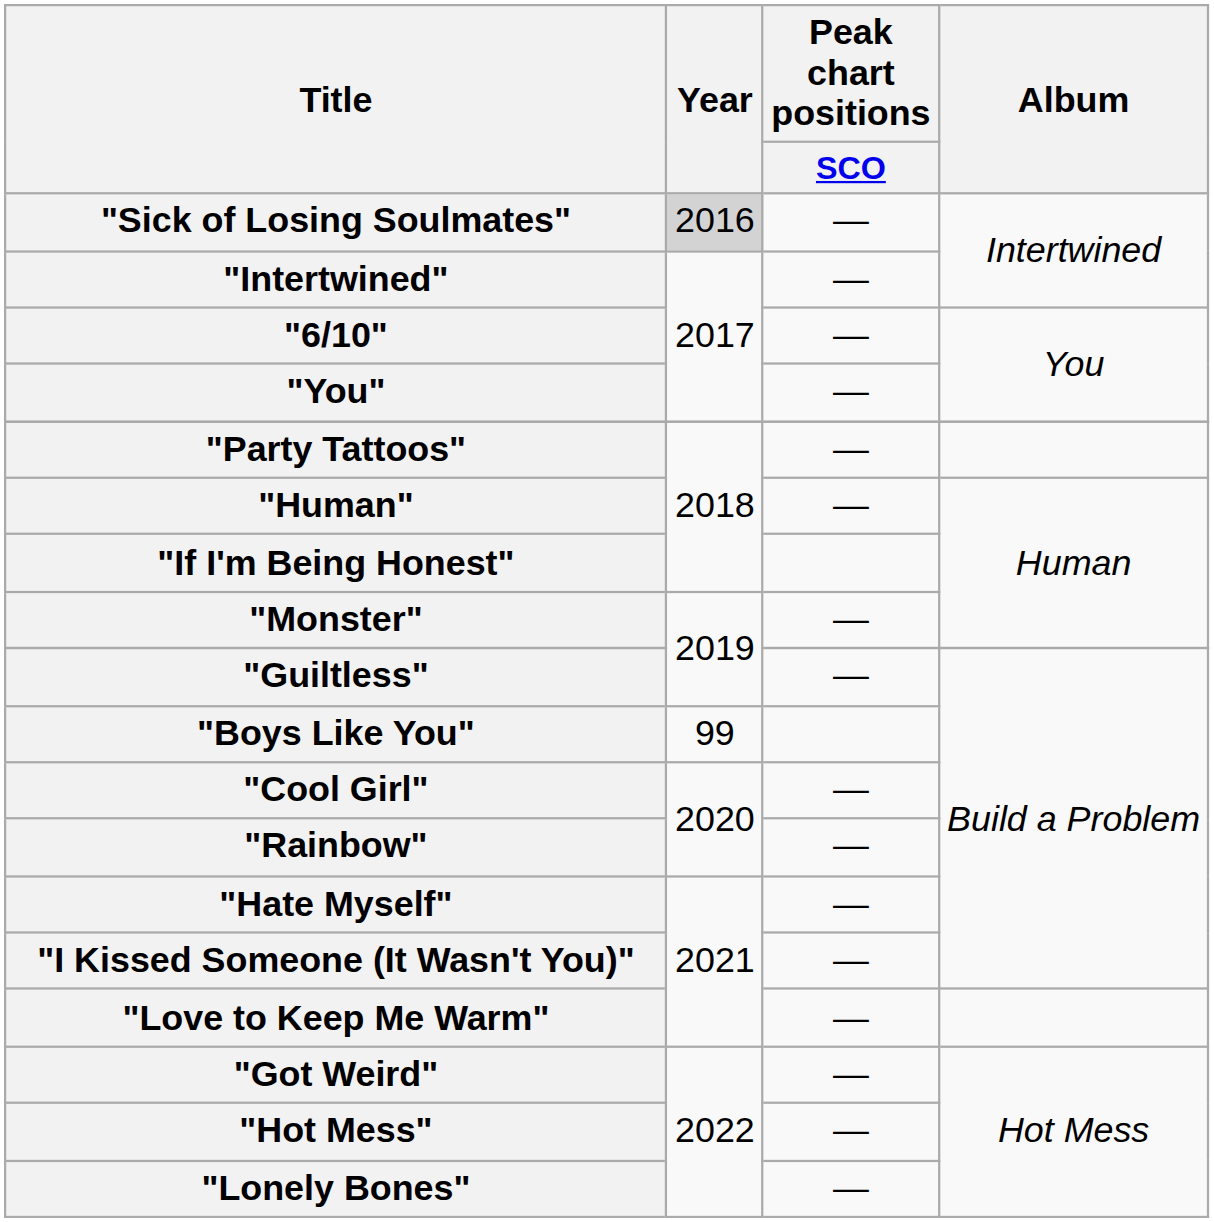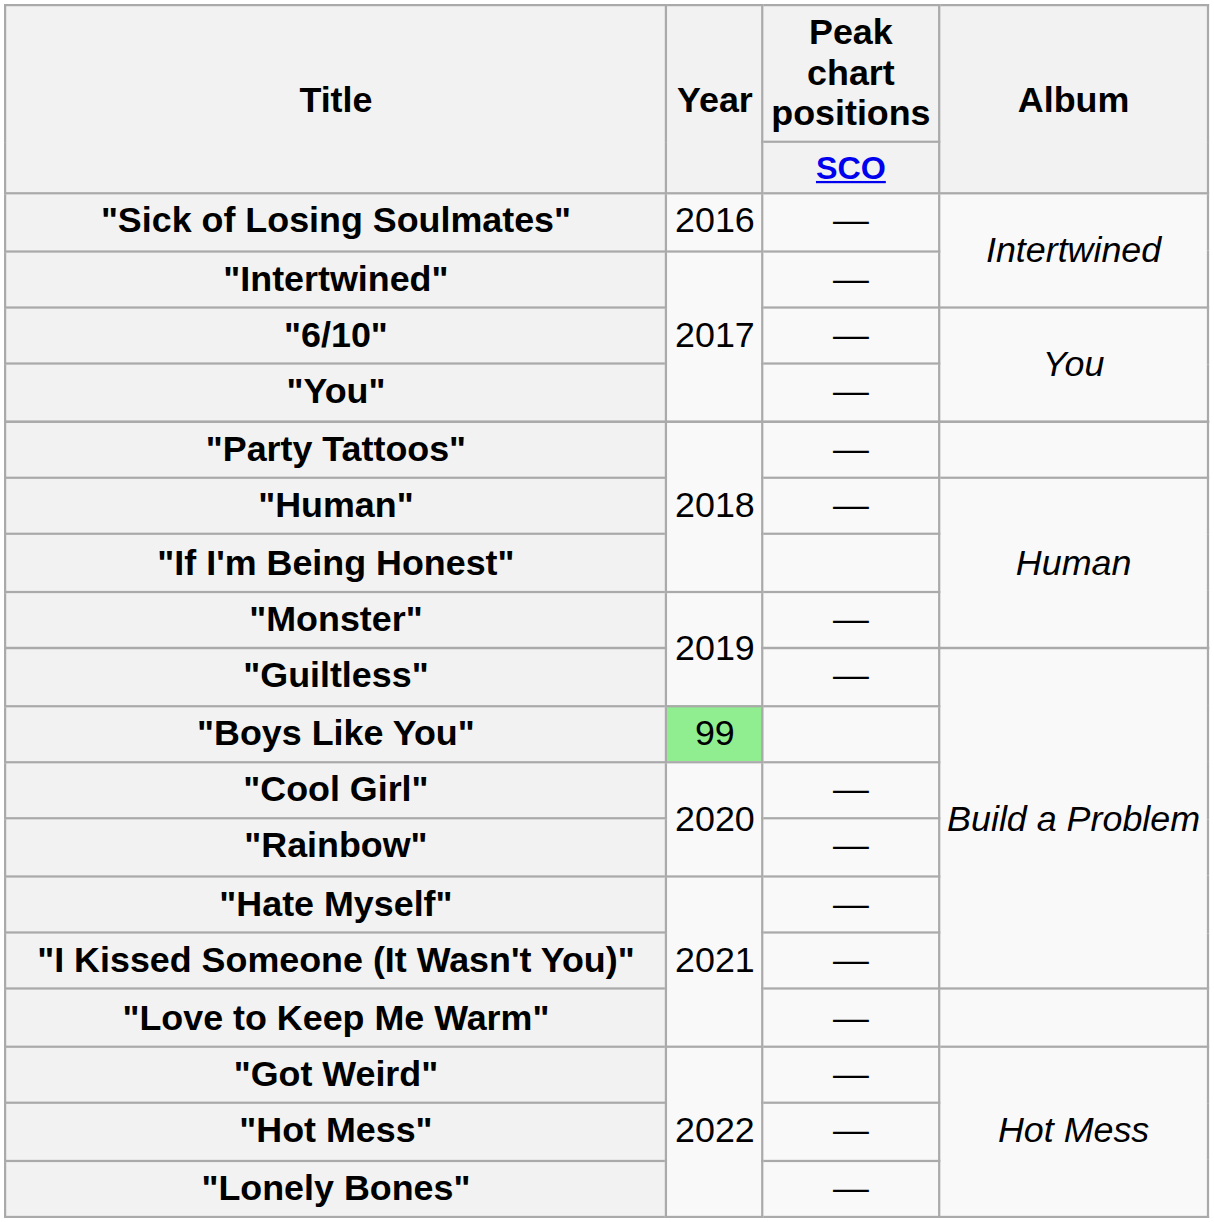 <table class="wikitable plainrowheaders" style="text-align:center;">
 <tr>
 <th scope="col" rowspan="2" style="width:18em;">Title</th>
 <th scope="col" rowspan="2" style="width:1em;">Year</th>
 <th scope="col" colspan="1">Peak chart positions</th>
 <th scope="col" rowspan="2">Album</th>
 </tr>
 <tr>
 <th scope="col" style="width:3em;font-size:90%;"><a href='#'>SCO</a><br></th>
 </tr>
 <tr>
 <th scope="row">"Sick of Losing Soulmates"</th>
-<td style="background: lightgrey;">2016</td>
+<td>2016</td>
 <td>—</td>
 <td rowspan="2"><em>Intertwined</em></td>
 </tr>
 <tr>
 <th scope="row">"Intertwined"</th>
 <td rowspan="3">2017</td>
 <td>—</td>
 </tr>
 <tr>
 <th scope="row">"6/10"</th>
 <td>—</td>
 <td rowspan="2"><em>You</em></td>
 </tr>
 <tr>
 <th scope="row">"You"</th>
 <td>—</td>
 </tr>
 <tr>
 </tr>
 <tr>
 <th scope="row">"Party Tattoos"</th>
 <td rowspan="3">2018</td>
 <td>—</td>
 <td></td>
 </tr>
 <tr>
 <th scope="row">"Human"<br> </th>
 <td>—</td>
 <td rowspan="3"><em>Human</em></td>
 </tr>
 <tr>
 <th scope="row">"If I'm Being Honest"</th>
 </tr>
 <tr>
 <th scope="row">"Monster"</th>
 <td rowspan="3">2019</td>
 <td>—</td>
 </tr>
 <tr>
 </tr>
 <tr>
 <th scope="row">"Guiltless"</th>
 <td>—</td>
 <td rowspan="6"><em>Build a Problem</em></td>
 </tr>
 <tr>
 <th scope="row">"Boys Like You"</th>
-<td>99</td>
+<td style="background: lightgreen;">99</td>
 </tr>
 <tr>
 <th scope="row">"Cool Girl"</th>
 <td rowspan="2">2020</td>
 <td>—</td>
 </tr>
 <tr>
 <th scope="row">"Rainbow"</th>
 <td>—</td>
 </tr>
 <tr>
 <th scope="row">"Hate Myself"</th>
 <td rowspan="3">2021</td>
 <td>—</td>
 </tr>
 <tr>
 <th scope="row">"I Kissed Someone (It Wasn't You)"</th>
 <td>—</td>
 </tr>
 <tr>
 <th scope="row">"Love to Keep Me Warm"<br> </th>
 <td>—</td>
 <td></td>
 </tr>
 <tr>
 <th scope="row">"Got Weird"</th>
 <td rowspan="3">2022</td>
 <td>—</td>
 <td rowspan="3"><em>Hot Mess</em></td>
 </tr>
 <tr>
 <th scope="row">"Hot Mess"</th>
 <td>—</td>
 </tr>
 <tr>
 <th scope="row">"Lonely Bones"</th>
 <td>—</td>
 </tr>
 </table>
